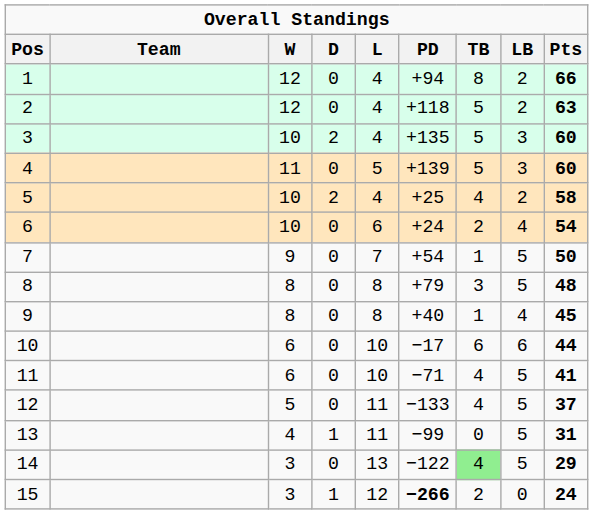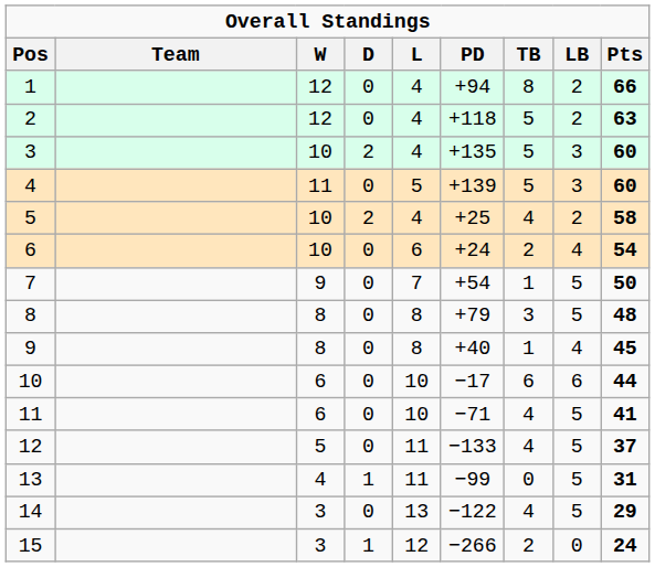 <table class="wikitable" style="float:right; margin-left:15px; text-align: center;">
 <tr>
 <td colspan=15><div><strong>Overall Standings</strong></div></td>
 </tr>
 <tr>
 <th style="width:25px;">Pos</th>
 <th style="width:150px;">Team</th>
 <th style="width:25px;">W</th>
 <th style="width:25px;">D</th>
 <th style="width:25px;">L</th>
 <th style="width:35px;">PD</th>
 <th style="width:25px;">TB</th>
 <th style="width:25px;">LB</th>
 <th style="width:25px;">Pts<br></th>
 </tr>
 <tr style="background:#d8ffeb; text-align:center;">
 <td>1</td>
 <td align=left></td>
 <td>12</td>
 <td>0</td>
 <td>4</td>
 <td>+94</td>
 <td>8</td>
 <td>2</td>
 <td><strong>66</strong></td>
 </tr>
 <tr style="background:#d8ffeb; text-align:center;">
 <td>2</td>
 <td align=left></td>
 <td>12</td>
 <td>0</td>
 <td>4</td>
 <td>+118</td>
 <td>5</td>
 <td>2</td>
 <td><strong>63</strong></td>
 </tr>
 <tr style="background:#d8ffeb; text-align:center;">
 <td>3</td>
 <td align=left></td>
 <td>10</td>
 <td>2</td>
 <td>4</td>
 <td>+135</td>
 <td>5</td>
 <td>3</td>
 <td><strong>60</strong></td>
 </tr>
 <tr style="background:#ffe6bd;">
 <td>4</td>
 <td align=left></td>
 <td>11</td>
 <td>0</td>
 <td>5</td>
 <td>+139</td>
 <td>5</td>
 <td>3</td>
 <td><strong>60</strong></td>
 </tr>
 <tr style="background:#ffe6bd;">
 <td>5</td>
 <td align=left></td>
 <td>10</td>
 <td>2</td>
 <td>4</td>
 <td>+25</td>
 <td>4</td>
 <td>2</td>
 <td><strong>58</strong></td>
 </tr>
 <tr style="background:#ffe6bd;">
 <td>6</td>
 <td align=left></td>
 <td>10</td>
 <td>0</td>
 <td>6</td>
 <td>+24</td>
 <td>2</td>
 <td>4</td>
 <td><strong>54</strong></td>
 </tr>
 <tr>
 <td>7</td>
 <td align=left></td>
 <td>9</td>
 <td>0</td>
 <td>7</td>
 <td>+54</td>
 <td>1</td>
 <td>5</td>
 <td><strong>50</strong></td>
 </tr>
 <tr>
 <td>8</td>
 <td align=left></td>
 <td>8</td>
 <td>0</td>
 <td>8</td>
 <td>+79</td>
 <td>3</td>
 <td>5</td>
 <td><strong>48</strong></td>
 </tr>
 <tr>
 <td>9</td>
 <td align=left></td>
 <td>8</td>
 <td>0</td>
 <td>8</td>
 <td>+40</td>
 <td>1</td>
 <td>4</td>
 <td><strong>45</strong></td>
 </tr>
 <tr>
 <td>10</td>
 <td align=left></td>
 <td>6</td>
 <td>0</td>
 <td>10</td>
 <td>−17</td>
 <td>6</td>
 <td>6</td>
 <td><strong>44</strong></td>
 </tr>
 <tr>
 <td>11</td>
 <td align=left></td>
 <td>6</td>
 <td>0</td>
 <td>10</td>
 <td>−71</td>
 <td>4</td>
 <td>5</td>
 <td><strong>41</strong></td>
 </tr>
 <tr>
 <td>12</td>
 <td align=left></td>
 <td>5</td>
 <td>0</td>
 <td>11</td>
 <td>−133</td>
 <td>4</td>
 <td>5</td>
 <td><strong>37</strong></td>
 </tr>
 <tr>
 <td>13</td>
 <td align=left></td>
 <td>4</td>
 <td>1</td>
 <td>11</td>
 <td>−99</td>
 <td>0</td>
 <td>5</td>
 <td><strong>31</strong></td>
 </tr>
 <tr>
 <td>14</td>
 <td align=left></td>
 <td>3</td>
 <td>0</td>
 <td>13</td>
 <td>−122</td>
-<td style="background: lightgreen;">4</td>
+<td>4</td>
 <td>5</td>
 <td><strong>29</strong></td>
 </tr>
 <tr>
 <td>15</td>
 <td align=left></td>
 <td>3</td>
 <td>1</td>
 <td>12</td>
-<td><strong>−266</strong></td>
+<td>−266</td>
 <td>2</td>
 <td>0</td>
 <td><strong>24</strong></td>
 </tr>
 </table>
